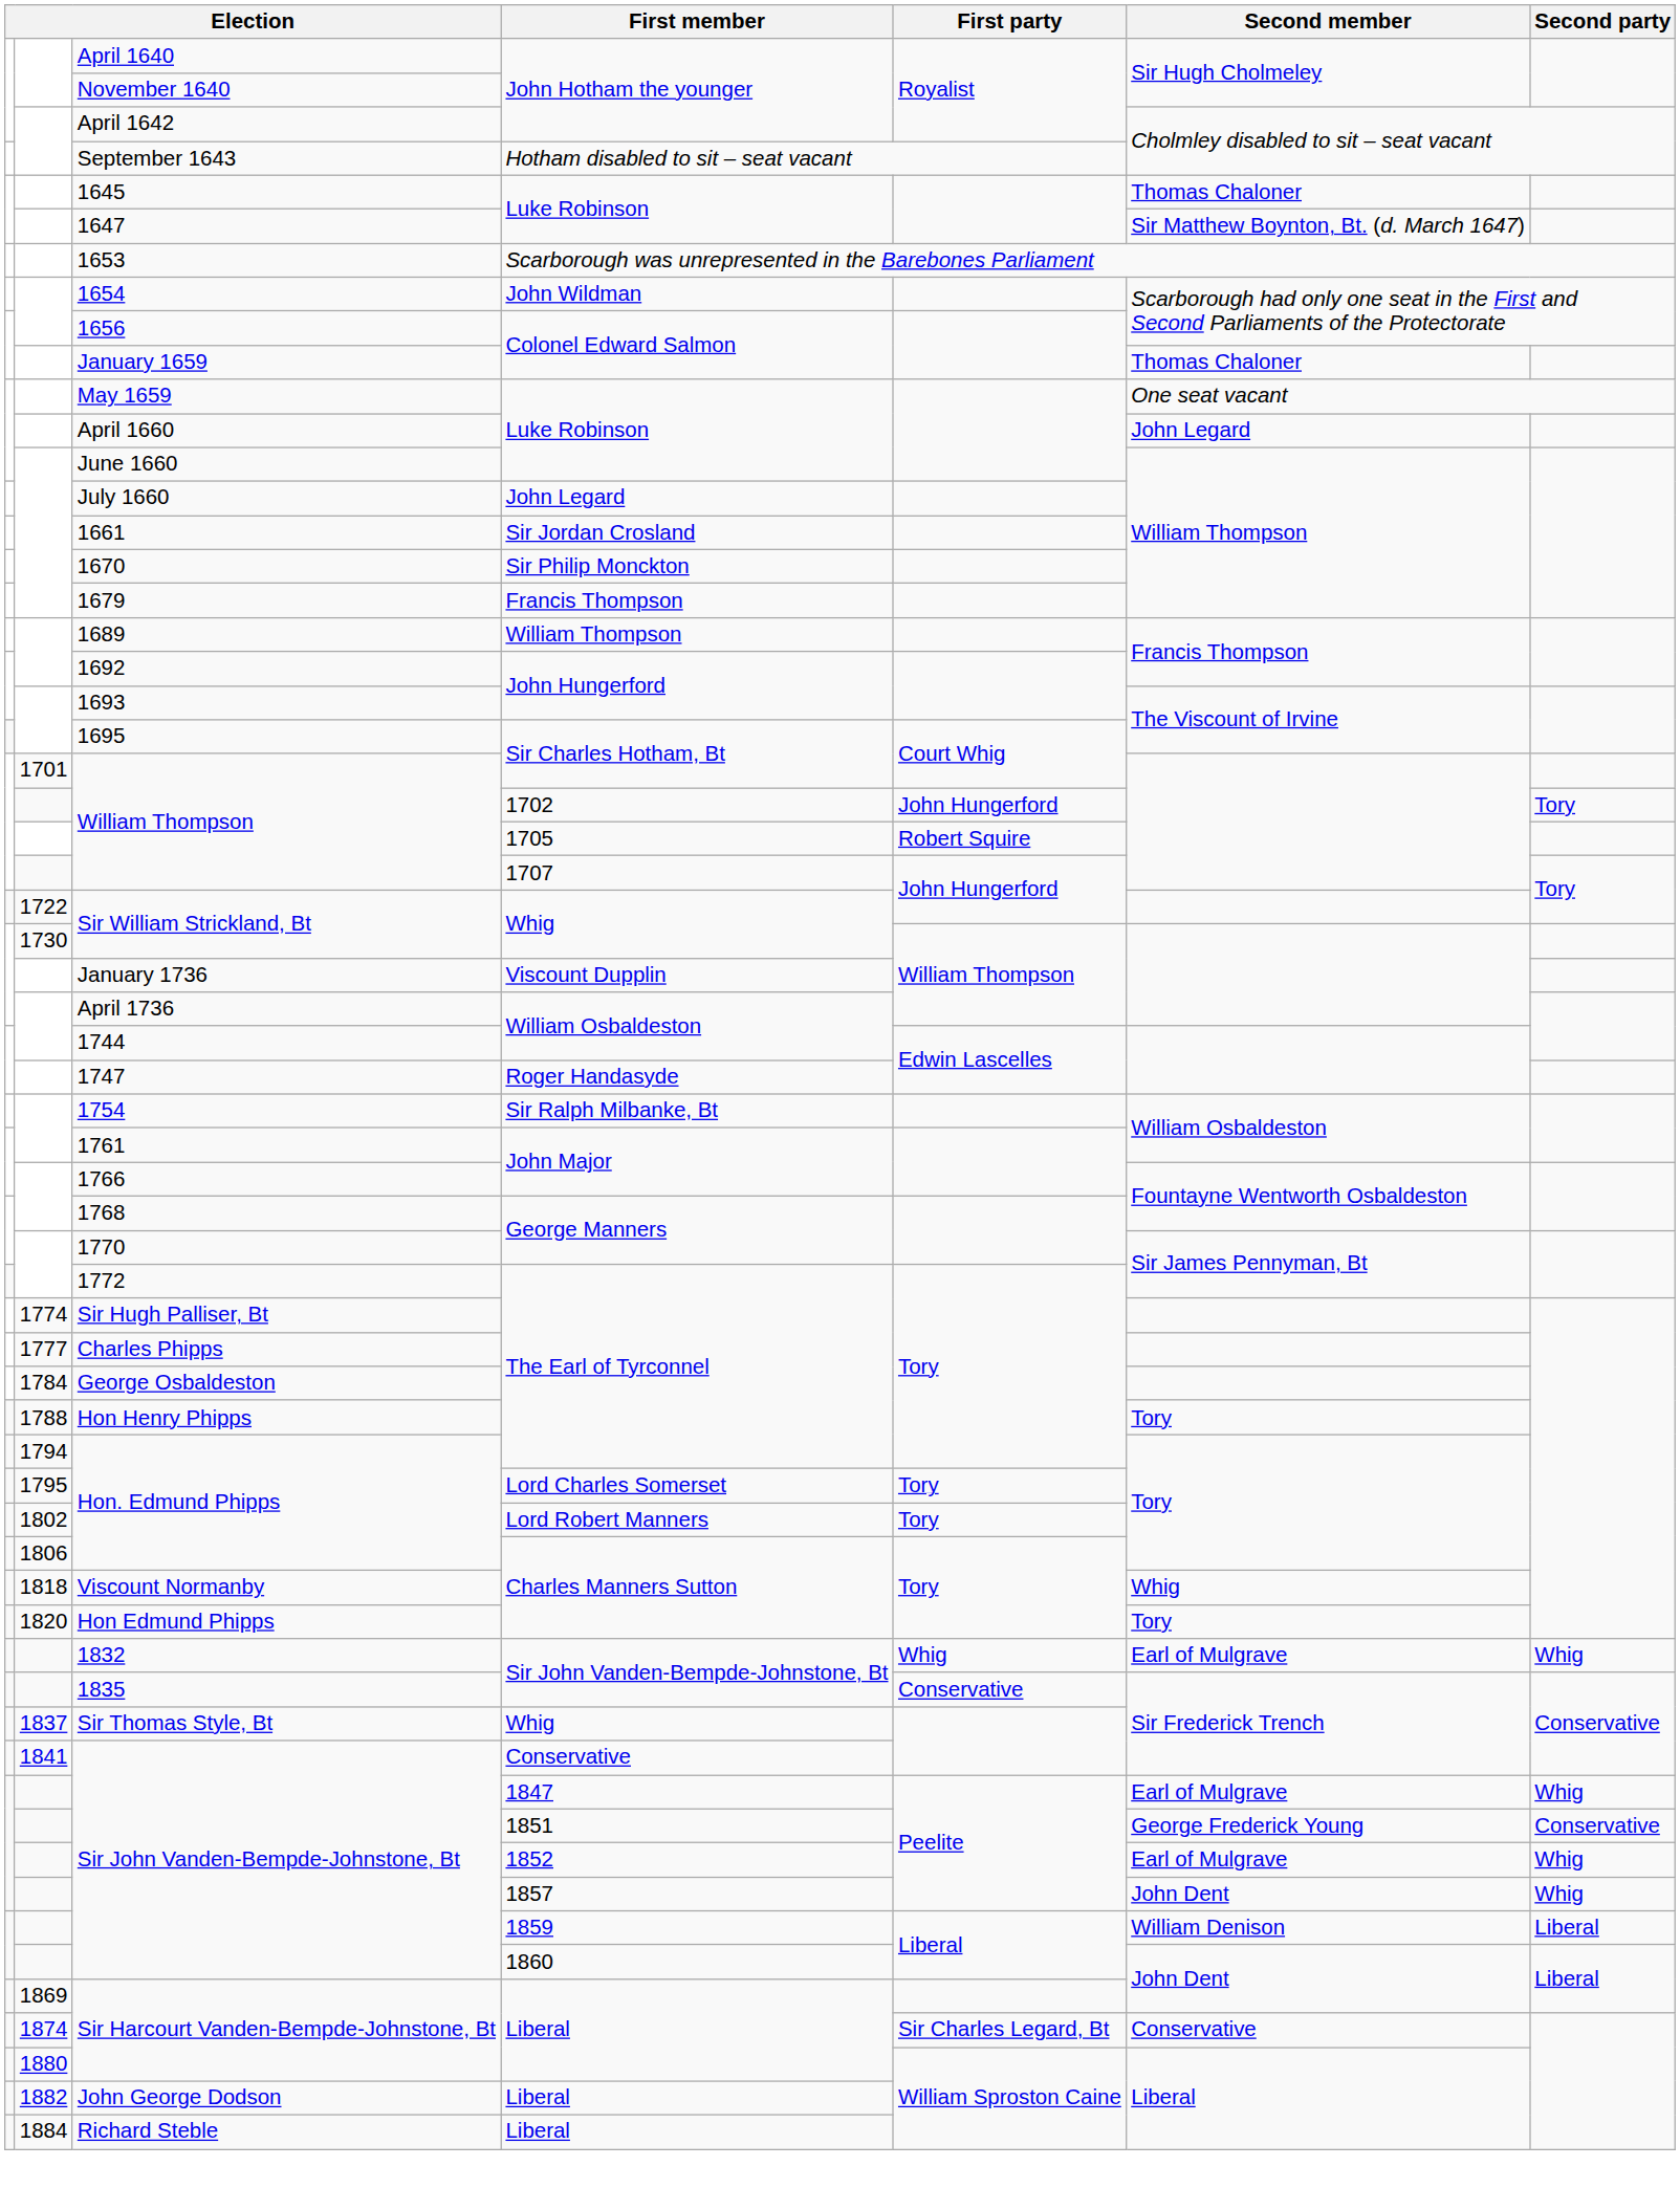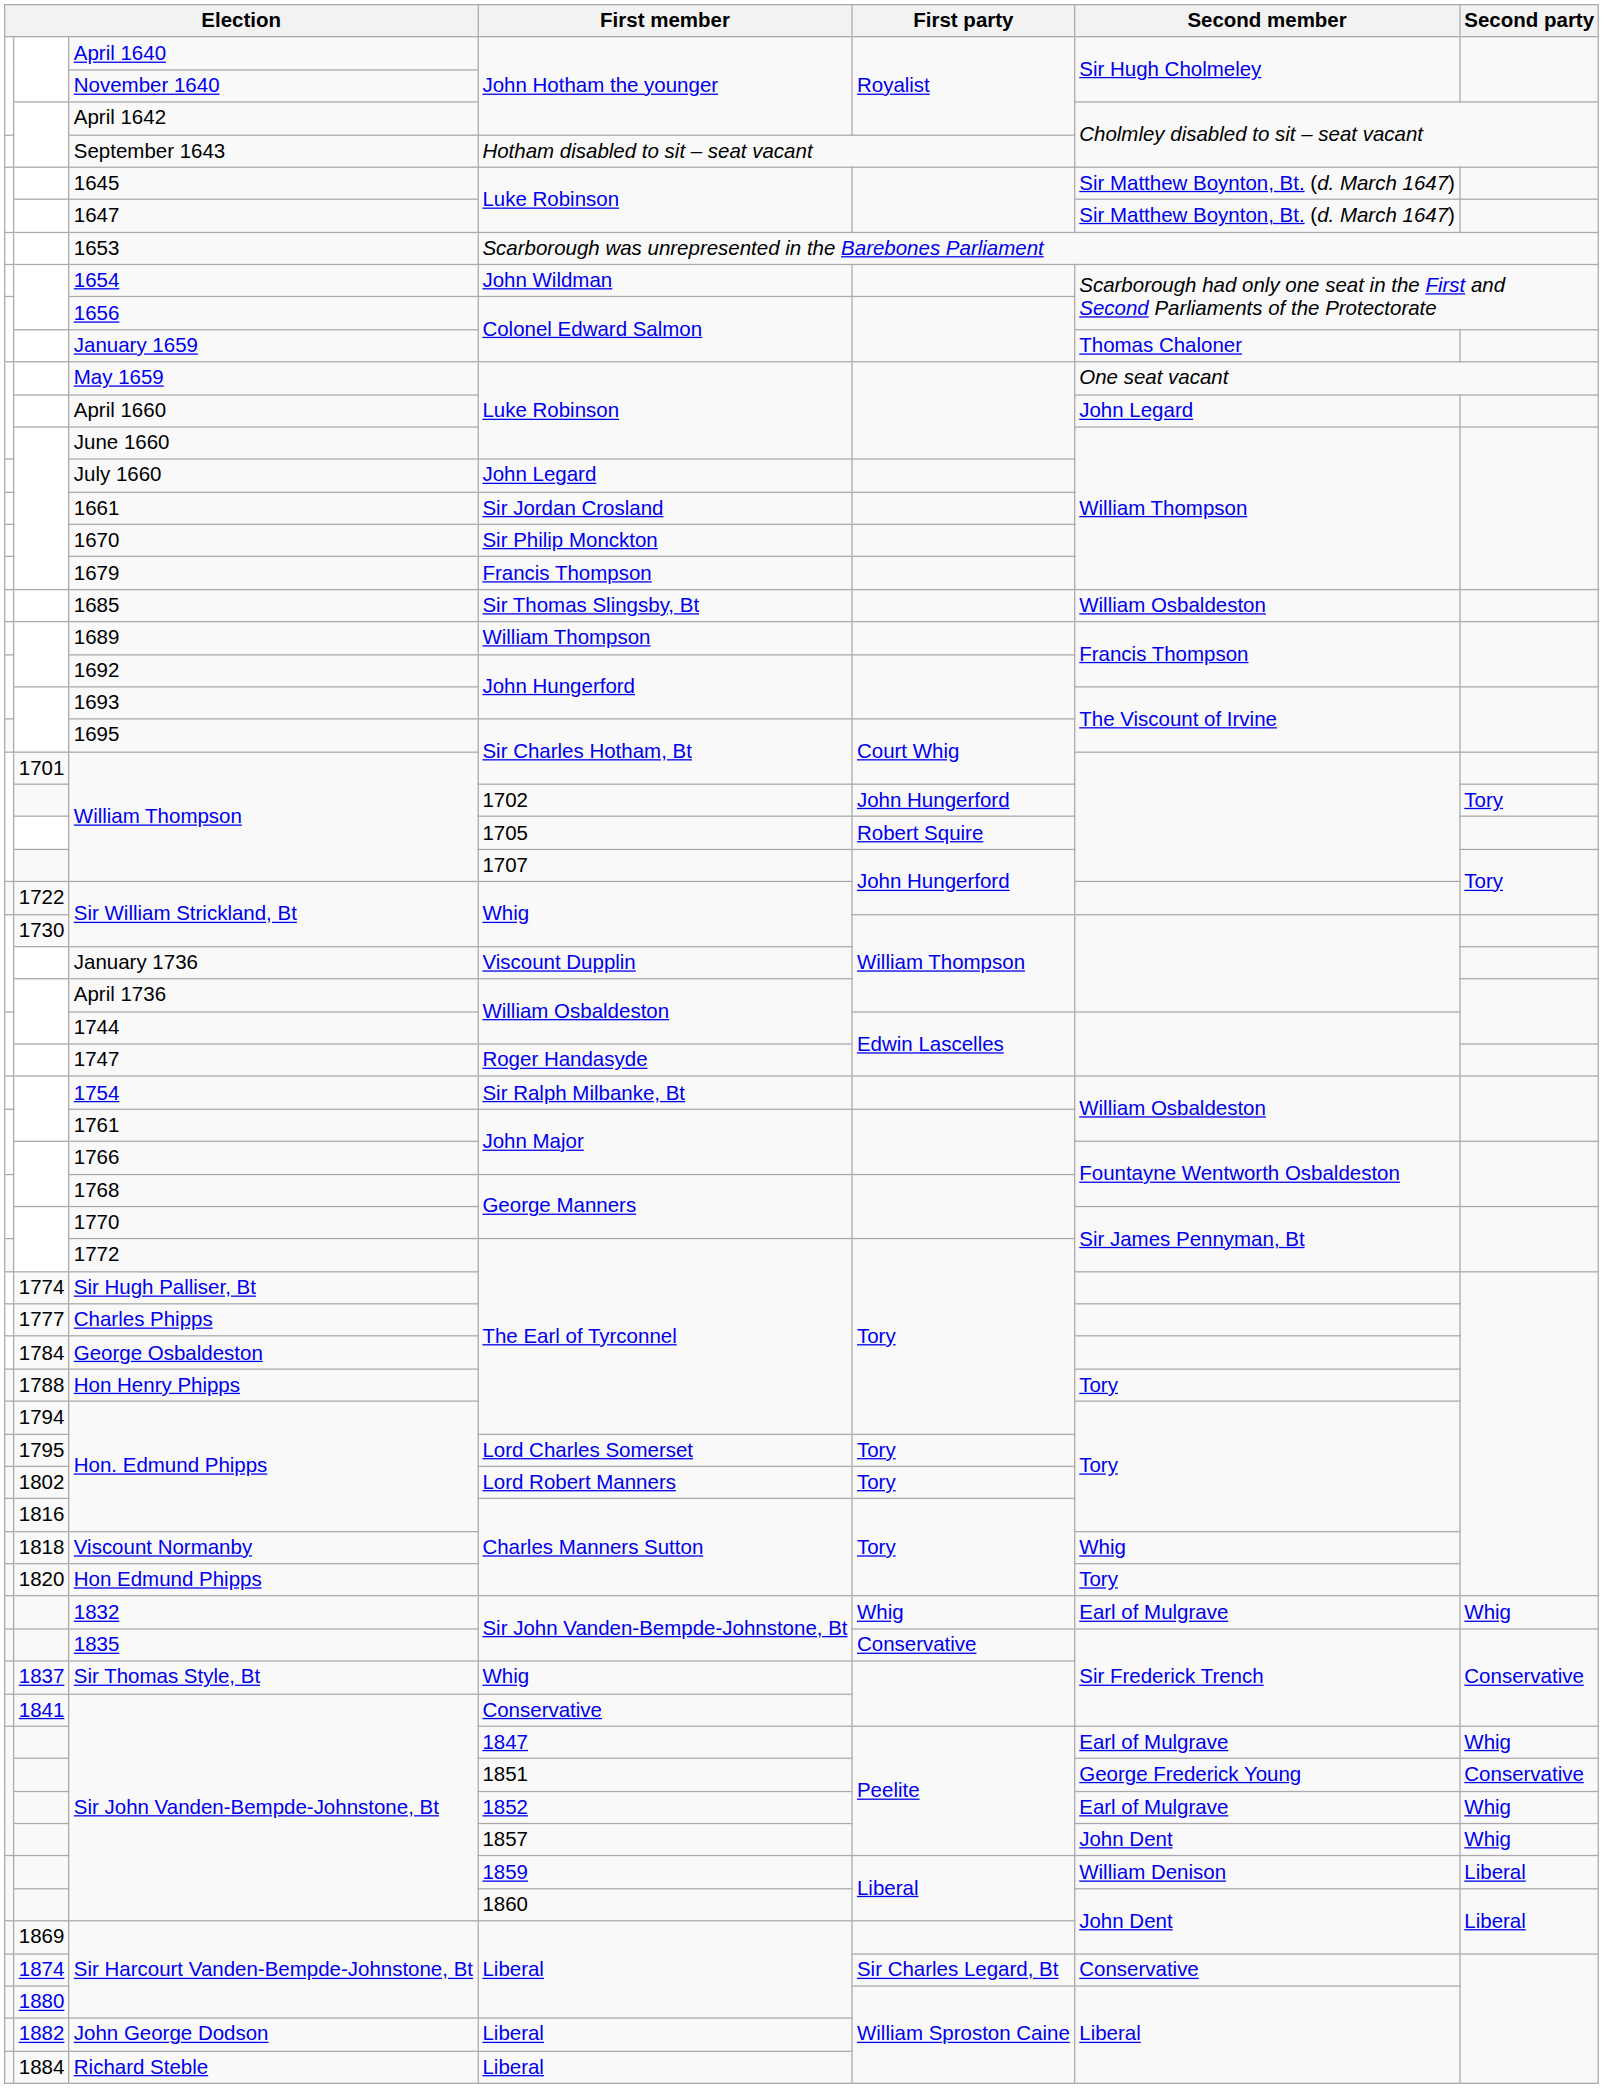 <table class="wikitable">
 <tr>
 <th colspan="3">Election</th>
 <th>First member</th>
 <th>First party</th>
 <th>Second member</th>
 <th>Second party</th>
 </tr>
 <tr>
 <td rowspan="3" style="color:inherit;background-color: white"></td>
 <td rowspan="2" style="color:inherit;background-color: white"></td>
 <td><a href='#'>April 1640</a></td>
 <td rowspan="3"><a href='#'>John Hotham the younger</a></td>
 <td rowspan="3"><a href='#'>Royalist</a></td>
 <td rowspan="2"><a href='#'>Sir Hugh Cholmeley</a></td>
 <td rowspan="2"></td>
 </tr>
 <tr>
 <td><a href='#'>November 1640</a></td>
 </tr>
 <tr>
 <td rowspan="2" style="color:inherit;background-color: white"></td>
 <td>April 1642</td>
 <td rowspan="2" colspan="2"><em>Cholmley disabled to sit – seat vacant</em></td>
 </tr>
 <tr>
 <td style="color:inherit;background-color: white"></td>
 <td>September 1643</td>
 <td colspan="2"><em>Hotham disabled to sit – seat vacant</em></td>
 </tr>
 <tr>
 <td rowspan="2" style="color:inherit;background-color: white"></td>
 <td style="color:inherit;background-color: white"></td>
 <td>1645</td>
 <td rowspan="2"><a href='#'>Luke Robinson</a></td>
 <td rowspan="2"></td>
-<td><a href='#'>Thomas Chaloner</a></td>
+<td><a href='#'>Sir Matthew Boynton, Bt.</a> (<em>d. March 1647</em>)</td>
 <td></td>
 </tr>
 <tr>
 <td style="color:inherit;background-color: white"></td>
 <td>1647</td>
 <td><a href='#'>Sir Matthew Boynton, Bt.</a> (<em>d. March 1647</em>)</td>
 <td></td>
 </tr>
 <tr>
 <td style="color:inherit;background-color: white"></td>
 <td style="color:inherit;background-color: white"></td>
 <td>1653</td>
 <td colspan="4"><em>Scarborough was unrepresented in the <a href='#'>Barebones Parliament</a></em></td>
 </tr>
 <tr>
 <td style="color:inherit;background-color: white"></td>
 <td rowspan="2" style="color:inherit;background-color: white"></td>
 <td><a href='#'>1654</a></td>
 <td><a href='#'>John Wildman</a></td>
 <td></td>
 <td rowspan="2" colspan="2"><em>Scarborough had only one seat in the <a href='#'>First</a>  and <br><a href='#'>Second</a> Parliaments of the Protectorate</em></td>
 </tr>
 <tr>
 <td rowspan="2" style="color:inherit;background-color: white"></td>
 <td><a href='#'>1656</a></td>
 <td rowspan="2"><a href='#'>Colonel Edward Salmon</a></td>
 <td rowspan="2"></td>
 </tr>
 <tr>
 <td style="color:inherit;background-color: white"></td>
 <td><a href='#'>January 1659</a></td>
 <td><a href='#'>Thomas Chaloner</a></td>
 <td></td>
 </tr>
 <tr>
 <td rowspan="3" style="color:inherit;background-color: white"></td>
 <td style="color:inherit;background-color: white"></td>
 <td><a href='#'>May 1659</a></td>
 <td rowspan="3"><a href='#'>Luke Robinson</a></td>
 <td rowspan="3"></td>
 <td colspan="2"><em>One seat vacant</em></td>
 </tr>
 <tr>
 <td style="color:inherit;background-color: white"></td>
 <td>April 1660</td>
 <td><a href='#'>John Legard</a></td>
 <td></td>
 </tr>
 <tr>
 <td style="color:inherit;background-color: white" rowspan="5"></td>
 <td>June 1660</td>
 <td rowspan="5"><a href='#'>William Thompson</a></td>
 <td rowspan="5"></td>
 </tr>
 <tr>
 <td style="color:inherit;background-color: white"></td>
 <td>July 1660</td>
 <td><a href='#'>John Legard</a></td>
 <td></td>
 </tr>
 <tr>
 <td style="color:inherit;background-color: white"></td>
 <td>1661</td>
 <td><a href='#'>Sir Jordan Crosland</a></td>
 <td></td>
 </tr>
 <tr>
 <td style="color:inherit;background-color: white"></td>
 <td>1670</td>
 <td><a href='#'>Sir Philip Monckton</a></td>
 <td></td>
 </tr>
 <tr>
 <td style="color:inherit;background-color: white"></td>
 <td>1679</td>
 <td><a href='#'>Francis Thompson</a></td>
+<td></td>
+</tr>
+<tr>
+<td style="color:inherit;background-color: white"></td>
+<td style="color:inherit;background-color: white"></td>
+<td>1685</td>
+<td><a href='#'>Sir Thomas Slingsby, Bt</a></td>
+<td></td>
+<td><a href='#'>William Osbaldeston</a></td>
 <td></td>
 </tr>
 <tr>
 <td style="color:inherit;background-color: white"></td>
 <td style="color:inherit;background-color: white" rowspan="2"></td>
 <td>1689</td>
 <td><a href='#'>William Thompson</a></td>
 <td></td>
 <td rowspan="2"><a href='#'>Francis Thompson</a></td>
 <td rowspan="2"></td>
 </tr>
 <tr>
 <td style="color:inherit;background-color: white" rowspan="2"></td>
 <td>1692</td>
 <td rowspan="2"><a href='#'>John Hungerford</a></td>
 <td rowspan="2"></td>
 </tr>
 <tr>
 <td style="color:inherit;background-color: white" rowspan="2"></td>
 <td>1693</td>
 <td rowspan="2"><a href='#'>The Viscount of Irvine</a></td>
 <td rowspan="2"></td>
 </tr>
 <tr>
 <td style="color:inherit;background-color: "></td>
 <td>1695</td>
 <td rowspan="2"><a href='#'>Sir Charles Hotham, Bt</a></td>
 <td rowspan="2"><a href='#'>Court Whig</a></td>
 </tr>
 <tr>
 <td style="color:inherit;background-color: white" rowspan="4"></td>
 <td>1701</td>
 <td rowspan="4"><a href='#'>William Thompson</a></td>
 <td rowspan="4"></td>
 </tr>
 <tr>
 <td style="color:inherit;background-color: "></td>
 <td>1702</td>
 <td><a href='#'>John Hungerford</a></td>
 <td><a href='#'>Tory</a></td>
 </tr>
 <tr>
 <td style="color:inherit;background-color: white"></td>
 <td>1705</td>
 <td><a href='#'>Robert Squire</a></td>
 <td></td>
 </tr>
 <tr>
 <td style="color:inherit;background-color: "></td>
 <td>1707</td>
 <td rowspan="2"><a href='#'>John Hungerford</a></td>
 <td rowspan="2"><a href='#'>Tory</a></td>
 </tr>
 <tr>
 <td style="color:inherit;background-color: "></td>
 <td>1722</td>
 <td rowspan="2"><a href='#'>Sir William Strickland, Bt</a></td>
 <td rowspan="2"><a href='#'>Whig</a></td>
 </tr>
 <tr>
 <td style="color:inherit;background-color: white" rowspan="3"></td>
 <td>1730</td>
 <td rowspan="3"><a href='#'>William Thompson</a></td>
 <td rowspan="3"></td>
 </tr>
 <tr>
 <td style="color:inherit;background-color: white"></td>
 <td>January 1736</td>
 <td><a href='#'>Viscount Dupplin</a></td>
 <td></td>
 </tr>
 <tr>
 <td style="color:inherit;background-color: white" rowspan="2"></td>
 <td>April 1736</td>
 <td rowspan="2"><a href='#'>William Osbaldeston</a></td>
 <td rowspan="2"></td>
 </tr>
 <tr>
 <td style="color:inherit;background-color: white" rowspan="2"></td>
 <td>1744</td>
 <td rowspan="2"><a href='#'>Edwin Lascelles</a></td>
 <td rowspan="2"></td>
 </tr>
 <tr>
 <td style="color:inherit;background-color: white"></td>
 <td>1747</td>
 <td><a href='#'>Roger Handasyde</a></td>
 <td></td>
 </tr>
 <tr>
 <td style="color:inherit;background-color: white"></td>
 <td style="color:inherit;background-color: white" rowspan="2"></td>
 <td><a href='#'>1754</a></td>
 <td><a href='#'>Sir Ralph Milbanke, Bt</a></td>
 <td></td>
 <td rowspan="2"><a href='#'>William Osbaldeston</a></td>
 <td rowspan="2"></td>
 </tr>
 <tr>
 <td style="color:inherit;background-color: white" rowspan="2"></td>
 <td>1761</td>
 <td rowspan="2"><a href='#'>John Major</a></td>
 <td rowspan="2"></td>
 </tr>
 <tr>
 <td style="color:inherit;background-color: white" rowspan="2"></td>
 <td>1766</td>
 <td rowspan="2"><a href='#'>Fountayne Wentworth Osbaldeston</a></td>
 <td rowspan="2"></td>
 </tr>
 <tr>
 <td style="color:inherit;background-color: white" rowspan="2"></td>
 <td>1768</td>
 <td rowspan="2"><a href='#'>George Manners</a></td>
 <td rowspan="2"></td>
 </tr>
 <tr>
 <td style="color:inherit;background-color: white" rowspan="2"></td>
 <td>1770</td>
 <td rowspan="2"><a href='#'>Sir James Pennyman, Bt</a></td>
 <td rowspan="2"></td>
 </tr>
 <tr>
 <td style="color:inherit;background-color: "></td>
 <td>1772</td>
 <td rowspan="6"><a href='#'>The Earl of Tyrconnel</a></td>
 <td rowspan="6"><a href='#'>Tory</a></td>
 </tr>
 <tr>
 <td style="color:inherit;background-color: white"></td>
 <td>1774</td>
 <td><a href='#'>Sir Hugh Palliser, Bt</a></td>
 <td></td>
 </tr>
 <tr>
 <td style="color:inherit;background-color: white"></td>
 <td>1777</td>
 <td><a href='#'>Charles Phipps</a></td>
 <td></td>
 </tr>
 <tr>
 <td style="color:inherit;background-color: white"></td>
 <td>1784</td>
 <td><a href='#'>George Osbaldeston</a></td>
 <td></td>
 </tr>
 <tr>
 <td style="color:inherit;background-color: "></td>
 <td>1788</td>
 <td><a href='#'>Hon Henry Phipps</a></td>
 <td><a href='#'>Tory</a></td>
 </tr>
 <tr>
 <td style="color:inherit;background-color: "></td>
 <td>1794</td>
 <td rowspan="4"><a href='#'>Hon. Edmund Phipps</a></td>
 <td rowspan="4"><a href='#'>Tory</a></td>
 </tr>
 <tr>
 <td style="color:inherit;background-color: "></td>
 <td>1795</td>
 <td><a href='#'>Lord Charles Somerset</a></td>
 <td><a href='#'>Tory</a></td>
 </tr>
 <tr>
 <td style="color:inherit;background-color: "></td>
 <td>1802</td>
 <td><a href='#'>Lord Robert Manners</a></td>
 <td><a href='#'>Tory</a></td>
 </tr>
 <tr>
 <td style="color:inherit;background-color: "></td>
-<td>1806</td>
+<td>1816</td>
 <td rowspan="3"><a href='#'>Charles Manners Sutton</a></td>
 <td rowspan="3"><a href='#'>Tory</a></td>
 </tr>
 <tr>
 <td style="color:inherit;background-color: "></td>
 <td>1818</td>
 <td><a href='#'>Viscount Normanby</a></td>
 <td><a href='#'>Whig</a></td>
 </tr>
 <tr>
 <td style="color:inherit;background-color: "></td>
 <td>1820</td>
 <td><a href='#'>Hon Edmund Phipps</a></td>
 <td><a href='#'>Tory</a></td>
 </tr>
 <tr>
 <td style="color:inherit;background-color: "></td>
 <td style="color:inherit;background-color: "></td>
 <td><a href='#'>1832</a></td>
 <td rowspan="2"><a href='#'>Sir John Vanden-Bempde-Johnstone, Bt</a></td>
 <td><a href='#'>Whig</a></td>
 <td><a href='#'>Earl of Mulgrave</a></td>
 <td><a href='#'>Whig</a></td>
 </tr>
 <tr>
 <td style="color:inherit;background-color: "></td>
 <td style="color:inherit;background-color: "></td>
 <td><a href='#'>1835</a></td>
 <td><a href='#'>Conservative</a></td>
 <td rowspan="3"><a href='#'>Sir Frederick Trench</a></td>
 <td rowspan="3"><a href='#'>Conservative</a></td>
 </tr>
 <tr>
 <td style="color:inherit;background-color: "></td>
 <td><a href='#'>1837</a></td>
 <td><a href='#'>Sir Thomas Style, Bt</a></td>
 <td><a href='#'>Whig</a></td>
 </tr>
 <tr>
 <td style="color:inherit;background-color: "></td>
 <td><a href='#'>1841</a></td>
 <td rowspan="7"><a href='#'>Sir John Vanden-Bempde-Johnstone, Bt</a></td>
 <td><a href='#'>Conservative</a></td>
 </tr>
 <tr>
 <td rowspan="4" style="color:inherit;background-color: "></td>
 <td style="color:inherit;background-color: "></td>
 <td><a href='#'>1847</a></td>
 <td rowspan="4"><a href='#'>Peelite</a></td>
 <td><a href='#'>Earl of Mulgrave</a></td>
 <td><a href='#'>Whig</a></td>
 </tr>
 <tr>
 <td style="color:inherit;background-color: "></td>
 <td>1851</td>
 <td><a href='#'>George Frederick Young</a></td>
 <td><a href='#'>Conservative</a></td>
 </tr>
 <tr>
 <td style="color:inherit;background-color: "></td>
 <td><a href='#'>1852</a></td>
 <td><a href='#'>Earl of Mulgrave</a></td>
 <td><a href='#'>Whig</a></td>
 </tr>
 <tr>
 <td style="color:inherit;background-color: "></td>
 <td>1857</td>
 <td><a href='#'>John Dent</a></td>
 <td><a href='#'>Whig</a></td>
 </tr>
 <tr>
 <td rowspan="2" style="color:inherit;background-color: "></td>
 <td style="color:inherit;background-color: "></td>
 <td><a href='#'>1859</a></td>
 <td rowspan="2"><a href='#'>Liberal</a></td>
 <td><a href='#'>William Denison</a></td>
 <td><a href='#'>Liberal</a></td>
 </tr>
 <tr>
 <td style="color:inherit;background-color: "></td>
 <td>1860</td>
 <td rowspan="2"><a href='#'>John Dent</a></td>
 <td rowspan="2"><a href='#'>Liberal</a></td>
 </tr>
 <tr>
 <td style="color:inherit;background-color: "></td>
 <td>1869</td>
 <td rowspan="3"><a href='#'>Sir Harcourt Vanden-Bempde-Johnstone, Bt</a></td>
 <td rowspan="3"><a href='#'>Liberal</a></td>
 </tr>
 <tr>
 <td style="color:inherit;background-color: "></td>
 <td><a href='#'>1874</a></td>
 <td><a href='#'>Sir Charles Legard, Bt</a></td>
 <td><a href='#'>Conservative</a></td>
 </tr>
 <tr>
 <td style="color:inherit;background-color: "></td>
 <td><a href='#'>1880</a></td>
 <td rowspan="3"><a href='#'>William Sproston Caine</a></td>
 <td rowspan="3"><a href='#'>Liberal</a></td>
 </tr>
 <tr>
 <td style="color:inherit;background-color: "></td>
 <td><a href='#'>1882</a></td>
 <td><a href='#'>John George Dodson</a></td>
 <td><a href='#'>Liberal</a></td>
 </tr>
 <tr>
 <td style="color:inherit;background-color: "></td>
 <td>1884</td>
 <td><a href='#'>Richard Steble</a></td>
 <td><a href='#'>Liberal</a></td>
 </tr>
 </table>
